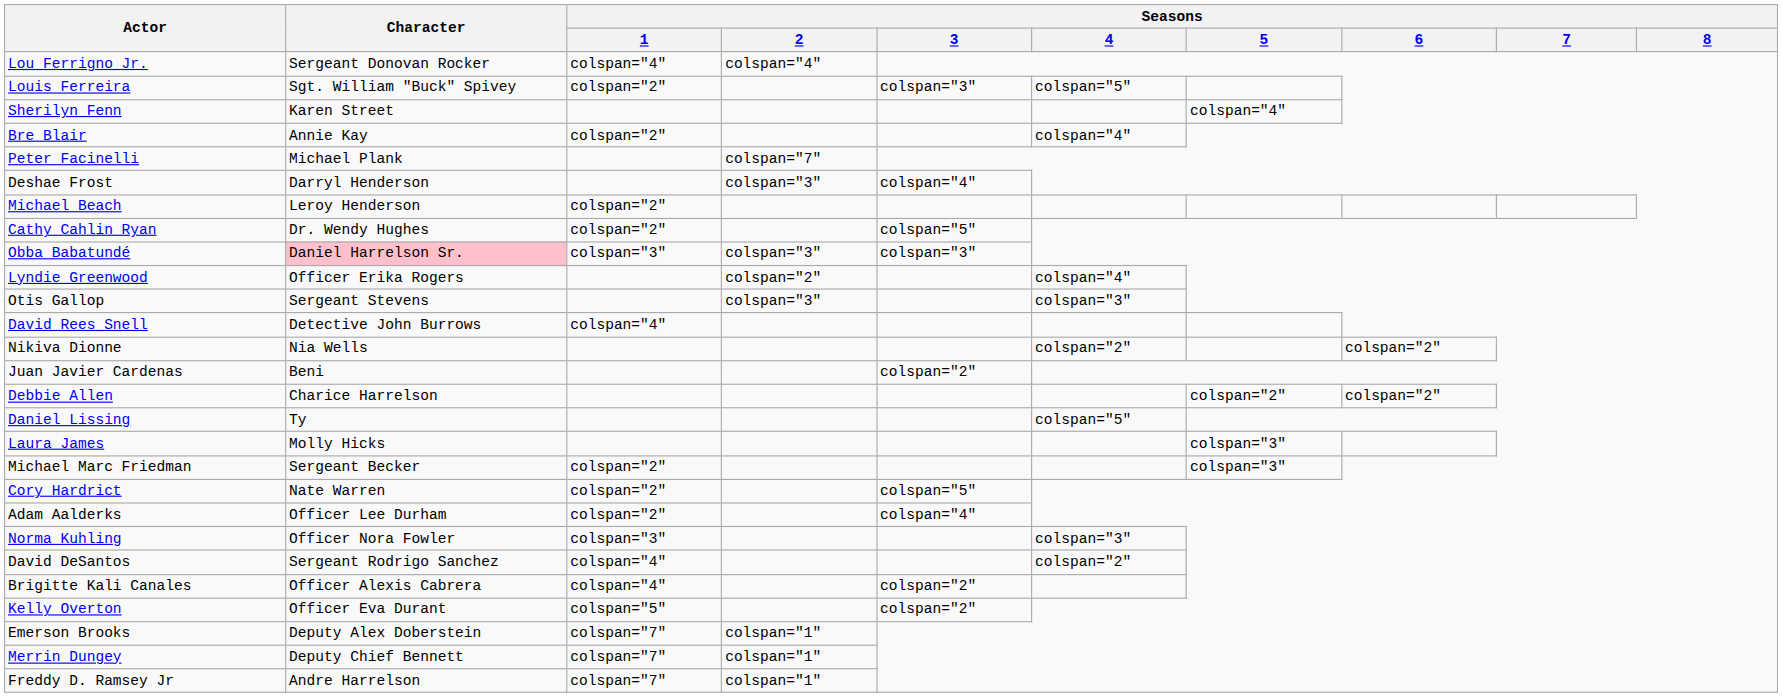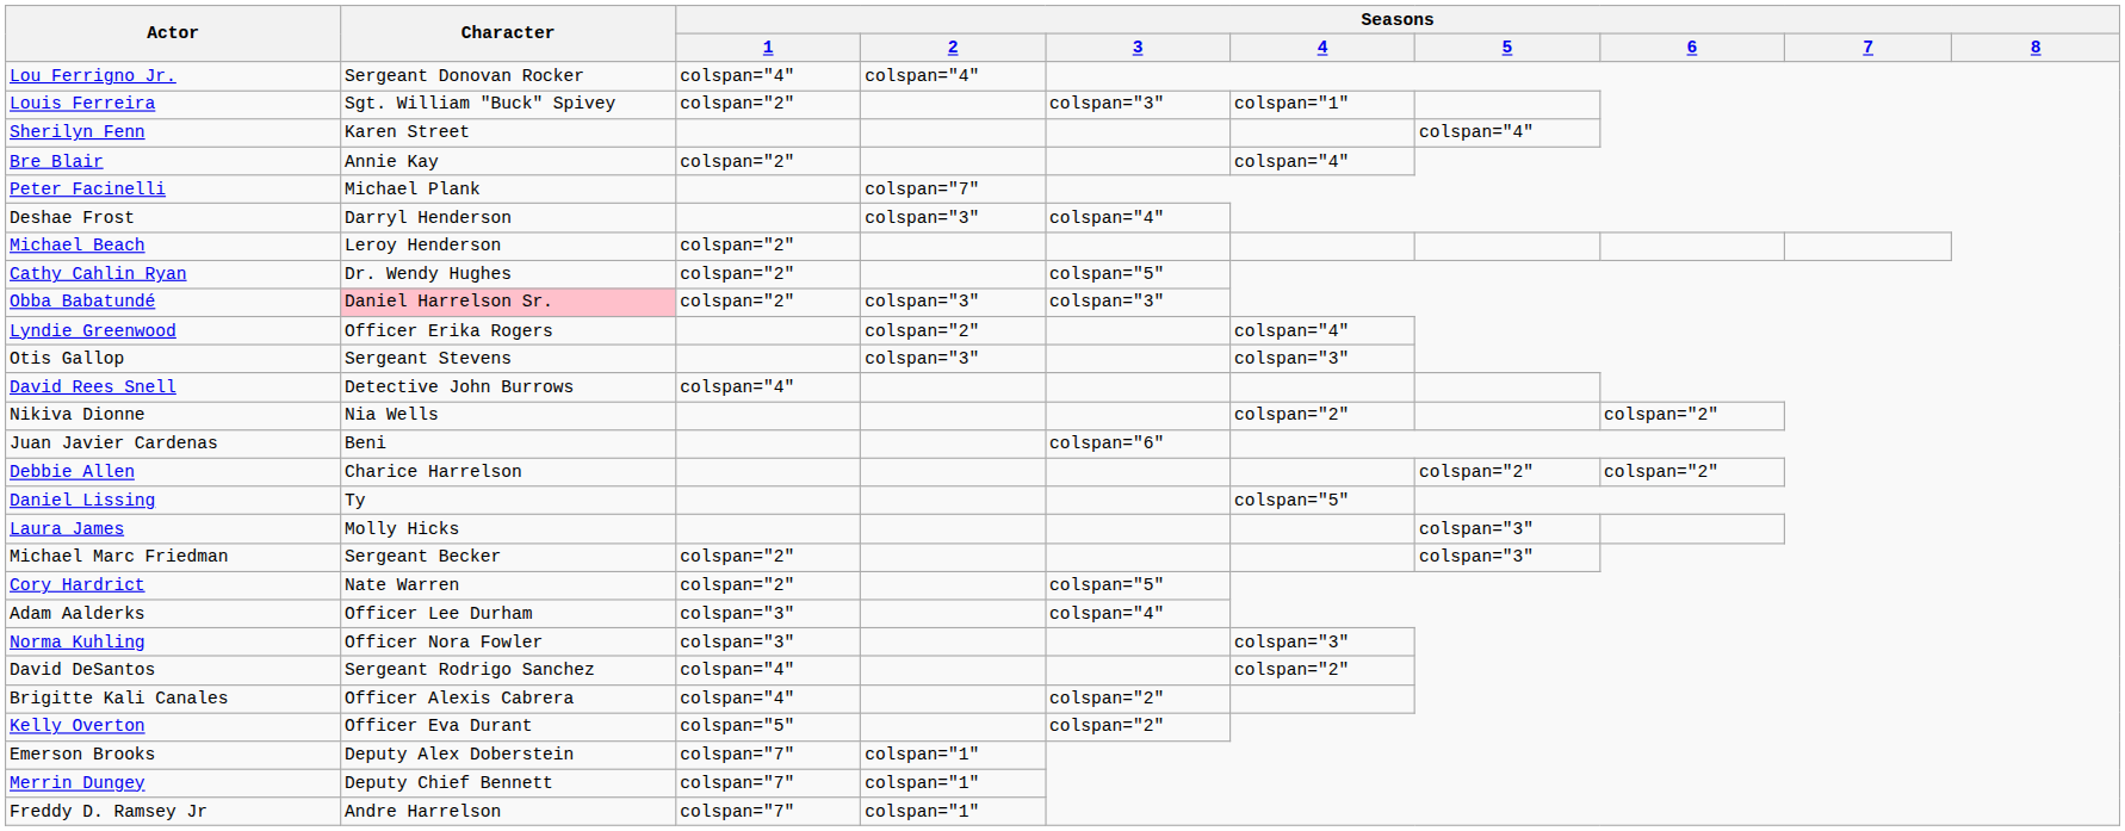 <table class="wikitable" style="width:100%;">
 <tr>
 <th rowspan="2" style="width:10%;">Actor</th>
 <th ! rowspan="2" style="width:10%;">Character</th>
 <th ! colspan="8">Seasons</th>
 </tr>
 <tr>
 <th scope="col" style="width:5%;"><a href='#'>1</a></th>
 <th scope="col" style="width:5%;"><a href='#'>2</a></th>
 <th scope="col" style="width:5%;"><a href='#'>3</a></th>
 <th scope="col" style="width:5%;"><a href='#'>4</a></th>
 <th scope="col" style="width:5%;"><a href='#'>5</a></th>
 <th scope="col" style="width:5%;"><a href='#'>6</a></th>
 <th scope="col" style="width:5%;"><a href='#'>7</a></th>
 <th scope="col" style="width:5%;"><a href='#'>8</a></th>
 </tr>
 <tr>
 <td><a href='#'>Lou Ferrigno Jr.</a></td>
 <td>Sergeant Donovan Rocker</td>
 <td>colspan="4" </td>
 <td>colspan="4" </td>
 </tr>
 <tr>
 <td><a href='#'>Louis Ferreira</a></td>
 <td>Sgt. William "Buck" Spivey</td>
 <td>colspan="2" </td>
 <td></td>
 <td>colspan="3" </td>
-<td>colspan="5" </td>
+<td>colspan="1" </td>
 <td></td>
 </tr>
 <tr>
 <td><a href='#'>Sherilyn Fenn</a></td>
 <td>Karen Street</td>
 <td></td>
 <td></td>
 <td></td>
 <td></td>
 <td>colspan="4"</td>
 </tr>
 <tr>
 <td><a href='#'>Bre Blair</a></td>
 <td>Annie Kay</td>
 <td>colspan="2" </td>
 <td></td>
 <td></td>
 <td>colspan="4" </td>
 </tr>
 <tr>
 <td><a href='#'>Peter Facinelli</a></td>
 <td>Michael Plank</td>
 <td></td>
 <td>colspan="7" </td>
 </tr>
 <tr>
 <td>Deshae Frost</td>
 <td>Darryl Henderson</td>
 <td></td>
 <td>colspan="3" </td>
 <td>colspan="4" </td>
 </tr>
 <tr>
 <td><a href='#'>Michael Beach</a></td>
 <td>Leroy Henderson</td>
 <td>colspan="2" </td>
 <td></td>
 <td></td>
 <td></td>
 <td></td>
 <td></td>
 <td></td>
 </tr>
 <tr>
 <td><a href='#'>Cathy Cahlin Ryan</a></td>
 <td>Dr. Wendy Hughes</td>
 <td>colspan="2" </td>
 <td></td>
 <td>colspan="5" </td>
 </tr>
 <tr>
 <td><a href='#'>Obba Babatundé</a></td>
 <td style="background: pink;">Daniel Harrelson Sr.</td>
-<td>colspan="3" </td>
+<td>colspan="2" </td>
 <td>colspan="3"</td>
 <td>colspan="3"</td>
 </tr>
 <tr>
 <td><a href='#'>Lyndie Greenwood</a></td>
 <td>Officer Erika Rogers</td>
 <td></td>
 <td>colspan="2" </td>
 <td></td>
 <td>colspan="4"</td>
 </tr>
 <tr>
 <td>Otis Gallop</td>
 <td>Sergeant Stevens</td>
 <td></td>
 <td>colspan="3" </td>
 <td></td>
 <td>colspan="3" </td>
 </tr>
 <tr>
 <td><a href='#'>David Rees Snell</a></td>
 <td>Detective John Burrows</td>
 <td>colspan="4" </td>
 <td></td>
 <td></td>
 <td></td>
 <td></td>
 </tr>
 <tr>
 <td>Nikiva Dionne</td>
 <td>Nia Wells</td>
 <td></td>
 <td></td>
 <td></td>
 <td>colspan="2" </td>
 <td></td>
 <td>colspan="2" </td>
 </tr>
 <tr>
 <td>Juan Javier Cardenas</td>
 <td>Beni</td>
 <td></td>
 <td></td>
-<td>colspan="2" </td>
+<td>colspan="6" </td>
 </tr>
 <tr>
 <td><a href='#'>Debbie Allen</a></td>
 <td>Charice Harrelson</td>
 <td></td>
 <td></td>
 <td></td>
 <td></td>
 <td>colspan="2" </td>
 <td>colspan="2" </td>
 </tr>
 <tr>
 <td><a href='#'>Daniel Lissing</a></td>
 <td>Ty</td>
 <td></td>
 <td></td>
 <td></td>
 <td>colspan="5" </td>
 </tr>
 <tr>
 <td><a href='#'>Laura James</a></td>
 <td>Molly Hicks</td>
 <td></td>
 <td></td>
 <td></td>
 <td></td>
 <td>colspan="3" </td>
 <td></td>
 </tr>
 <tr>
 <td>Michael Marc Friedman</td>
 <td>Sergeant Becker</td>
 <td>colspan="2" </td>
 <td></td>
 <td></td>
 <td></td>
 <td>colspan="3" </td>
 </tr>
 <tr>
 <td><a href='#'>Cory Hardrict</a></td>
 <td>Nate Warren</td>
 <td>colspan="2" </td>
 <td></td>
 <td>colspan="5" </td>
 </tr>
 <tr>
 <td>Adam Aalderks</td>
 <td>Officer Lee Durham</td>
-<td>colspan="2" </td>
+<td>colspan="3" </td>
 <td></td>
 <td>colspan="4" </td>
 </tr>
 <tr>
 <td><a href='#'>Norma Kuhling</a></td>
 <td>Officer Nora Fowler</td>
 <td>colspan="3" </td>
 <td></td>
 <td></td>
 <td>colspan="3" </td>
 </tr>
 <tr>
 <td>David DeSantos</td>
 <td>Sergeant Rodrigo Sanchez</td>
 <td>colspan="4" </td>
 <td></td>
 <td></td>
 <td>colspan="2" </td>
 </tr>
 <tr>
 <td>Brigitte Kali Canales</td>
 <td>Officer Alexis Cabrera</td>
 <td>colspan="4" </td>
 <td></td>
 <td>colspan="2" </td>
 <td></td>
 </tr>
 <tr>
 <td><a href='#'>Kelly Overton</a></td>
 <td>Officer Eva Durant</td>
 <td>colspan="5" </td>
 <td></td>
 <td>colspan="2" </td>
 </tr>
 <tr>
 <td>Emerson Brooks</td>
 <td>Deputy Alex Doberstein</td>
 <td>colspan="7" </td>
 <td>colspan="1" </td>
 </tr>
 <tr>
 <td><a href='#'>Merrin Dungey</a></td>
 <td>Deputy Chief Bennett</td>
 <td>colspan="7" </td>
 <td>colspan="1" </td>
 </tr>
 <tr>
 <td>Freddy D. Ramsey Jr</td>
 <td>Andre Harrelson</td>
 <td>colspan="7" </td>
 <td>colspan="1" </td>
 </tr>
 </table>
